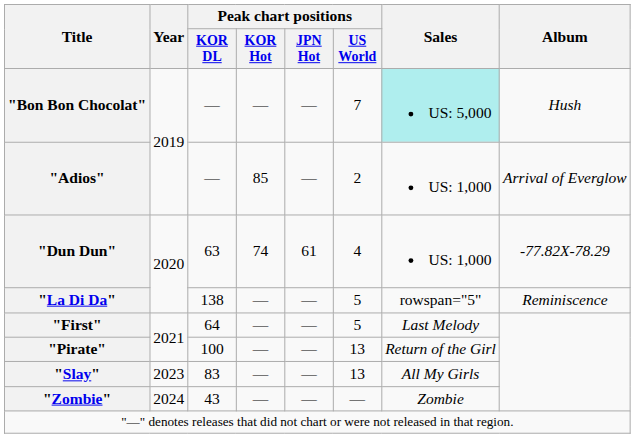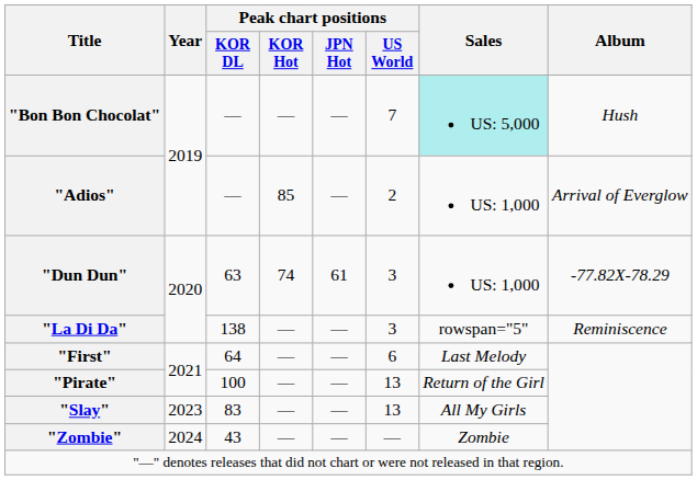 <table class="wikitable plainrowheaders" style="text-align:center">
 <tr>
 <th scope="col" rowspan="2">Title</th>
 <th scope="col" rowspan="2">Year</th>
 <th colspan="4">Peak chart positions</th>
 <th scope="col" rowspan="2">Sales</th>
 <th scope="col" rowspan="2">Album</th>
 </tr>
 <tr>
 <th scope="col" style="font-size:90%; width:3em"><a href='#'>KOR<br>DL</a><br></th>
 <th scope="col" style="font-size:90%; width:3em"><a href='#'>KOR<br>Hot</a><br></th>
 <th scope= "col" style="font-size:90%; width:3em"><a href='#'>JPN<br>Hot</a><br></th>
 <th scope="col" style="font-size:90%; width:3em"><a href='#'>US<br>World</a><br></th>
 </tr>
 <tr>
 <th scope="row">"Bon Bon Chocolat" </th>
 <td rowspan="2">2019</td>
 <td>—</td>
 <td>—</td>
 <td>—</td>
 <td>7</td>
 <td style="background: paleturquoise;"><br><ul><li>US: 5,000</li></ul></td>
 <td><em>Hush</em></td>
 </tr>
 <tr>
 <th scope="row">"Adios"</th>
 <td>—</td>
 <td>85</td>
 <td>—</td>
 <td>2</td>
 <td><br><ul><li>US: 1,000</li></ul></td>
 <td><em>Arrival of Everglow</em></td>
 </tr>
 <tr>
 <th scope="row">"Dun Dun"</th>
 <td rowspan="2">2020</td>
 <td>63</td>
 <td>74</td>
 <td>61</td>
-<td>4</td>
+<td>3</td>
 <td><br><ul><li>US: 1,000</li></ul></td>
 <td><em>-77.82X-78.29</em></td>
 </tr>
 <tr>
 <th scope="row">"<a href='#'>La Di Da</a>"</th>
 <td>138</td>
 <td>—</td>
 <td>—</td>
-<td>5</td>
+<td>3</td>
 <td>rowspan="5" </td>
 <td><em>Reminiscence</em></td>
 </tr>
 <tr>
 <th scope="row">"First"</th>
 <td rowspan="2">2021</td>
 <td>64</td>
 <td>—</td>
 <td>—</td>
-<td>5</td>
+<td>6</td>
 <td><em>Last Melody</em></td>
 </tr>
 <tr>
 <th scope="row">"Pirate"</th>
 <td>100</td>
 <td>—</td>
 <td>—</td>
 <td>13</td>
 <td><em>Return of the Girl</em></td>
 </tr>
 <tr>
 <th scope="row">"<a href='#'>Slay</a>"</th>
 <td>2023</td>
 <td>83</td>
 <td>—</td>
 <td>—</td>
 <td>13</td>
 <td><em>All My Girls</em></td>
 </tr>
 <tr>
 <th scope="row">"<a href='#'>Zombie</a>"</th>
 <td>2024</td>
 <td>43</td>
 <td>—</td>
 <td>—</td>
 <td>—</td>
 <td><em>Zombie</em></td>
 </tr>
 <tr>
 <td colspan="8" style="font-size:85%">"—" denotes releases that did not chart or were not released in that region.</td>
 </tr>
 </table>
